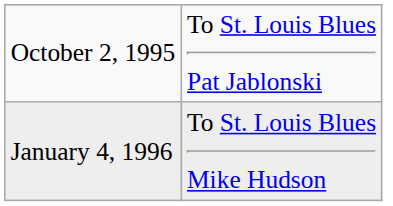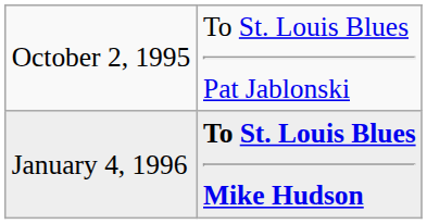 <table class="wikitable">
 <tr>
 <td>October 2, 1995</td>
 <td valign="top">To <a href='#'>St. Louis Blues</a><hr><a href='#'>Pat Jablonski</a></td>
 </tr>
 <tr bgcolor="#eeeeee">
 <td>January 4, 1996</td>
-<td valign="top">To <a href='#'>St. Louis Blues</a><hr><a href='#'>Mike Hudson</a></td>
+<td valign="top"><strong>To <a href='#'>St. Louis Blues</a><hr><a href='#'>Mike Hudson</a></strong></td>
 </tr>
 </table>
